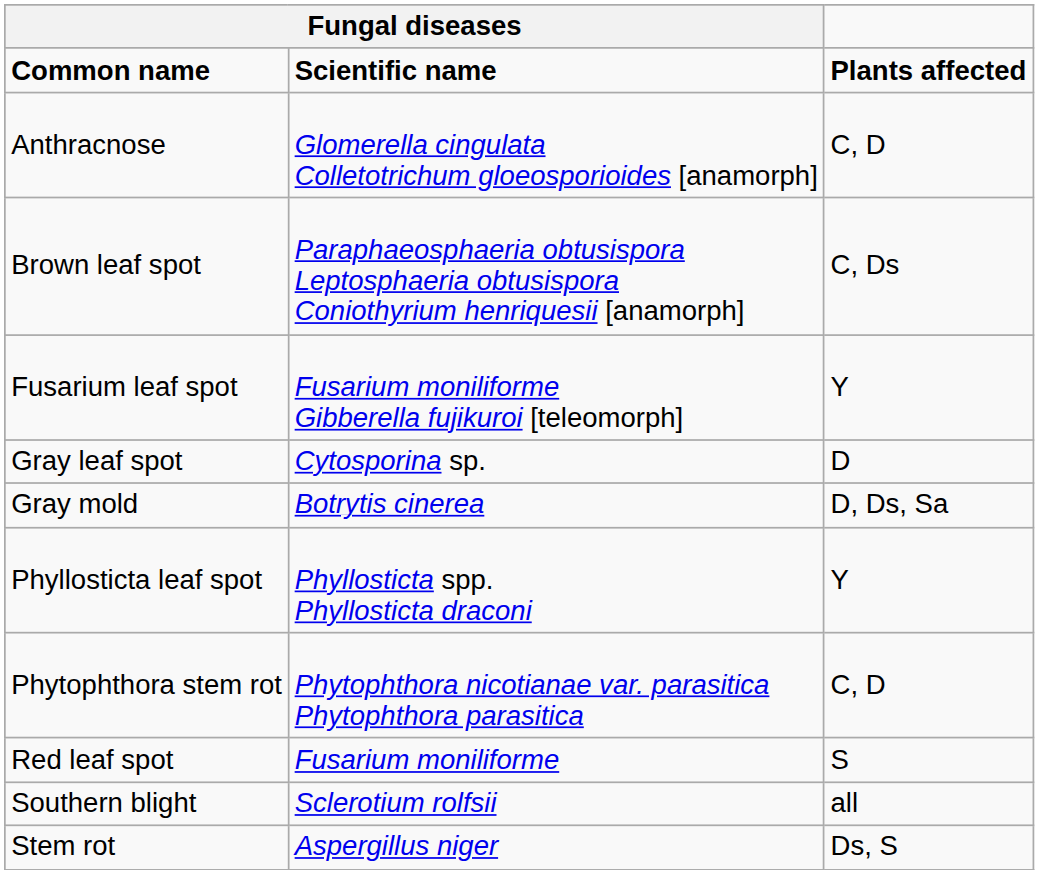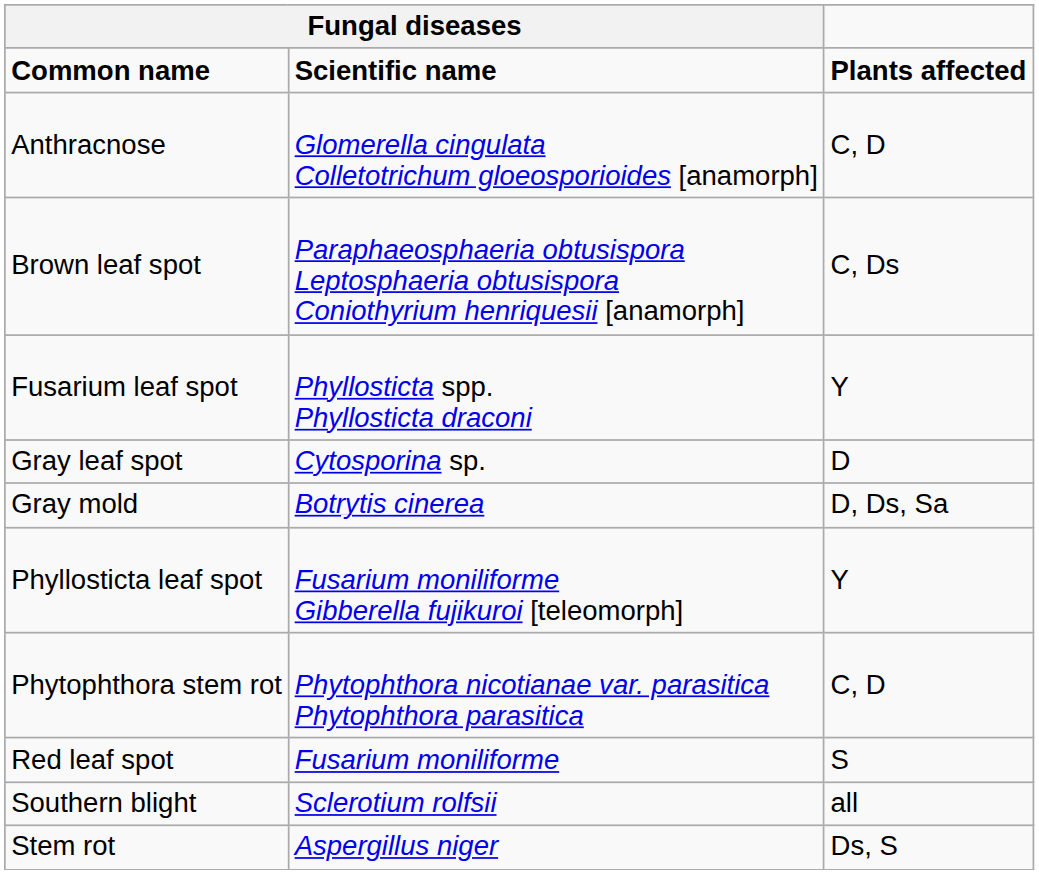 <table class="wikitable" style="clear">
 <tr>
 <th colspan=2><strong>Fungal diseases</strong><br></th>
 </tr>
 <tr>
 <td><strong>Common name</strong></td>
 <td><strong>Scientific name</strong></td>
 <td><strong>Plants affected</strong></td>
 </tr>
 <tr>
 <td>Anthracnose</td>
 <td><br><em><a href='#'>Glomerella cingulata</a></em><br> <em><a href='#'>Colletotrichum gloeosporioides</a></em> [anamorph]</td>
 <td>C, D</td>
 </tr>
 <tr>
 <td>Brown leaf spot</td>
 <td><br><em><a href='#'>Paraphaeosphaeria obtusispora</a></em> <br>  <em><a href='#'>Leptosphaeria obtusispora</a></em><br> <em><a href='#'>Coniothyrium henriquesii</a></em> [anamorph]</td>
 <td>C, Ds</td>
 </tr>
 <tr>
 <td>Fusarium leaf spot</td>
-<td><br><em><a href='#'>Fusarium moniliforme</a></em><br> <em><a href='#'>Gibberella fujikuroi</a></em> [teleomorph]</td>
+<td><br><em><a href='#'>Phyllosticta</a></em> spp.<br> <em><a href='#'>Phyllosticta draconi</a></em></td>
 <td>Y</td>
 </tr>
 <tr>
 <td>Gray leaf spot</td>
 <td><em><a href='#'>Cytosporina</a></em> sp.</td>
 <td>D</td>
 </tr>
 <tr>
 <td>Gray mold</td>
 <td><em><a href='#'>Botrytis cinerea</a></em></td>
 <td>D, Ds, Sa</td>
 </tr>
 <tr>
 <td>Phyllosticta leaf spot</td>
-<td><br><em><a href='#'>Phyllosticta</a></em> spp.<br> <em><a href='#'>Phyllosticta draconi</a></em></td>
+<td><br><em><a href='#'>Fusarium moniliforme</a></em><br> <em><a href='#'>Gibberella fujikuroi</a></em> [teleomorph]</td>
 <td>Y</td>
 </tr>
 <tr>
 <td>Phytophthora stem rot</td>
 <td><br><em><a href='#'>Phytophthora nicotianae var. parasitica</a></em> <br>  <em><a href='#'>Phytophthora parasitica</a></em></td>
 <td>C, D</td>
 </tr>
 <tr>
 <td>Red leaf spot</td>
 <td><em><a href='#'>Fusarium moniliforme</a></em></td>
 <td>S</td>
 </tr>
 <tr>
 <td>Southern blight</td>
 <td><em><a href='#'>Sclerotium rolfsii</a></em></td>
 <td>all</td>
 </tr>
 <tr>
 <td>Stem rot</td>
 <td><em><a href='#'>Aspergillus niger</a></em></td>
 <td>Ds, S</td>
 </tr>
 <tr>
 </tr>
 </table>
